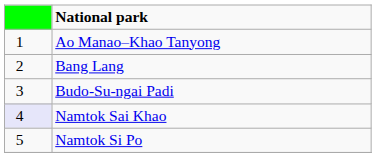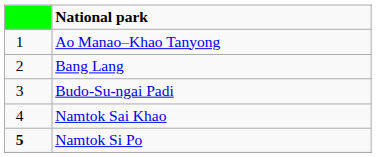 <table class= "wikitable" style= "width:30%; display:inline-table;">
 <tr>
 <td style="width:3%; background:#00FF00;"> </td>
 <td style="width:27%;"><strong>National park</strong></td>
 </tr>
 <tr>
 <td>  1</td>
 <td><a href='#'>Ao Manao–Khao Tanyong</a></td>
 </tr>
 <tr>
 <td>  2</td>
 <td><a href='#'>Bang Lang</a></td>
 </tr>
 <tr>
 <td>  3</td>
 <td><a href='#'>Budo-Su-ngai Padi</a></td>
 </tr>
 <tr>
-<td style="background: lavender;">  4</td>
+<td>  4</td>
 <td><a href='#'>Namtok Sai Khao</a></td>
 </tr>
 <tr>
-<td>  5</td>
+<td><strong>  5</strong></td>
 <td><a href='#'>Namtok Si Po</a></td>
 </tr>
 <tr>
 </tr>
 </table>
